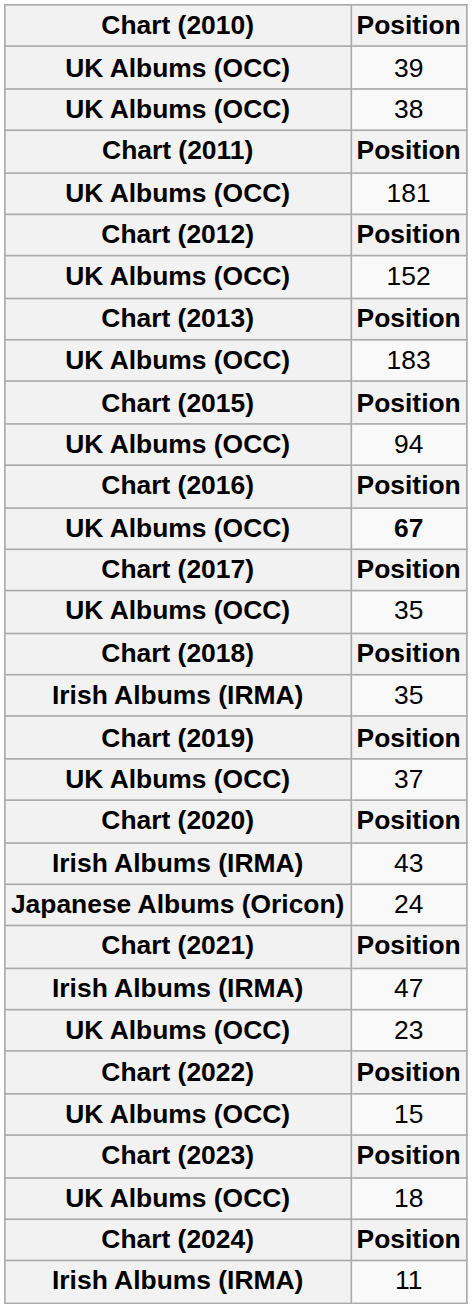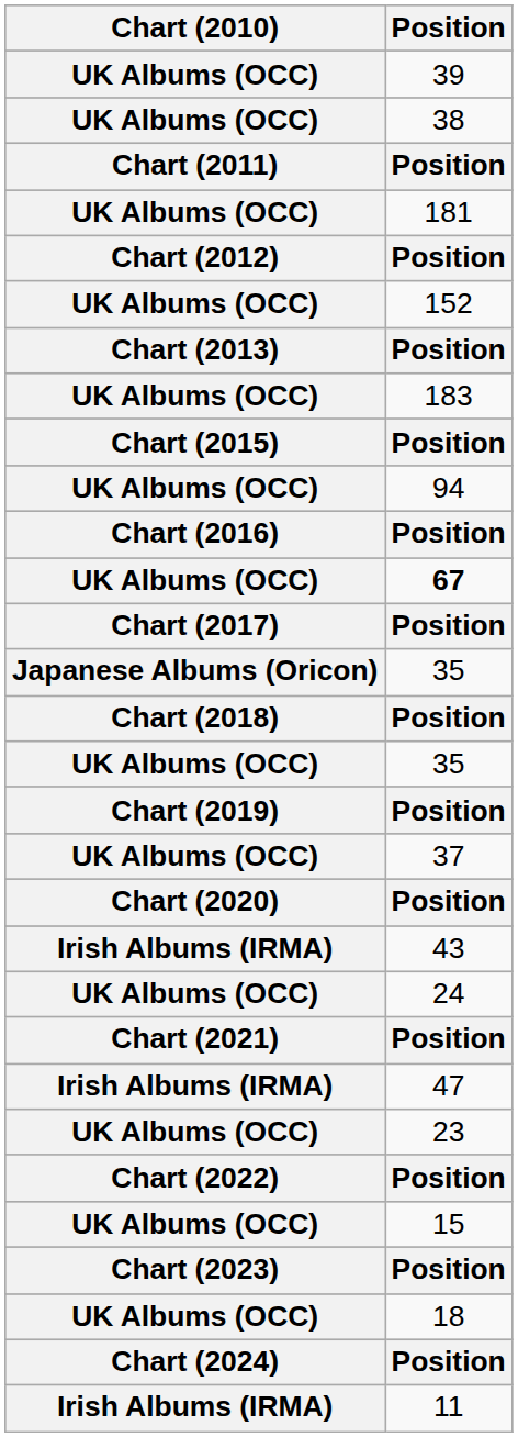 <table class="wikitable plainrowheaders" style="text-align:center">
 <tr>
 <th scope="col">Chart (2010)</th>
 <th scope="col">Position</th>
 </tr>
 <tr>
 <th scope="row">UK Albums (OCC)</th>
 <td style="text-align:center;">39</td>
 </tr>
 <tr>
 <th scope="row">UK Albums (OCC)</th>
 <td>38</td>
 </tr>
 <tr>
 <th scope="col">Chart (2011)</th>
 <th scope="col">Position</th>
 </tr>
 <tr>
 <th scope="row">UK Albums (OCC)</th>
 <td>181</td>
 </tr>
 <tr>
 <th scope="col">Chart (2012)</th>
 <th scope="col">Position</th>
 </tr>
 <tr>
 <th scope="row">UK Albums (OCC)</th>
 <td>152</td>
 </tr>
 <tr>
 <th scope="col">Chart (2013)</th>
 <th scope="col">Position</th>
 </tr>
 <tr>
 <th scope="row">UK Albums (OCC)</th>
 <td>183</td>
 </tr>
 <tr ->
 <th scope="col">Chart (2015)</th>
 <th scope="col">Position</th>
 </tr>
 <tr>
 <th scope="row">UK Albums (OCC)</th>
 <td>94</td>
 </tr>
 <tr>
 <th scope="col">Chart (2016)</th>
 <th scope="col">Position</th>
 </tr>
 <tr>
 <th scope="row">UK Albums (OCC)</th>
 <td><strong>67</strong></td>
 </tr>
 <tr>
 <th scope="col">Chart (2017)</th>
 <th scope="col">Position</th>
 </tr>
 <tr>
-<th scope="row">UK Albums (OCC)</th>
+<th scope="row">Japanese Albums (Oricon)</th>
 <td>35</td>
 </tr>
 <tr>
 <th scope="col">Chart (2018)</th>
 <th scope="col">Position</th>
 </tr>
 <tr>
-<th scope="row">Irish Albums (IRMA)</th>
+<th scope="row">UK Albums (OCC)</th>
 <td>35</td>
 </tr>
 <tr>
 <th scope="col">Chart (2019)</th>
 <th scope="col">Position</th>
 </tr>
 <tr>
 <th scope="row">UK Albums (OCC)</th>
 <td>37</td>
 </tr>
 <tr>
 <th scope="col">Chart (2020)</th>
 <th scope="col">Position</th>
 </tr>
 <tr>
 <th scope="row">Irish Albums (IRMA)</th>
 <td>43</td>
 </tr>
 <tr>
-<th scope="row">Japanese Albums (Oricon)</th>
+<th scope="row">UK Albums (OCC)</th>
 <td>24</td>
 </tr>
 <tr>
 <th scope="col">Chart (2021)</th>
 <th scope="col">Position</th>
 </tr>
 <tr>
 <th scope="row">Irish Albums (IRMA)</th>
 <td>47</td>
 </tr>
 <tr>
 <th scope="row">UK Albums (OCC)</th>
 <td>23</td>
 </tr>
 <tr>
 <th scope="col">Chart (2022)</th>
 <th scope="col">Position</th>
 </tr>
 <tr>
 <th scope="row">UK Albums (OCC)</th>
 <td>15</td>
 </tr>
 <tr>
 <th scope="col">Chart (2023)</th>
 <th scope="col">Position</th>
 </tr>
 <tr>
 <th scope="row">UK Albums (OCC)</th>
 <td>18</td>
 </tr>
 <tr>
 <th scope="col">Chart (2024)</th>
 <th scope="col">Position</th>
 </tr>
 <tr>
 <th scope="row">Irish Albums (IRMA)</th>
 <td>11</td>
 </tr>
 </table>
